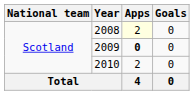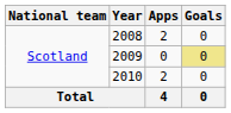 <table class="wikitable" style="text-align:center">
 <tr>
 <th>National team</th>
 <th>Year</th>
 <th>Apps</th>
 <th>Goals</th>
 </tr>
 <tr>
 <td rowspan="3"><a href='#'>Scotland</a></td>
 <td>2008</td>
-<td style="background: lightyellow;">2</td>
+<td>2</td>
 <td>0</td>
 </tr>
 <tr>
 <td>2009</td>
-<td><strong>0</strong></td>
 <td>0</td>
+<td style="background: khaki;">0</td>
 </tr>
 <tr>
 <td>2010</td>
 <td>2</td>
 <td>0</td>
 </tr>
 <tr>
 <th colspan="2">Total</th>
 <th>4</th>
 <th>0</th>
 </tr>
 </table>
